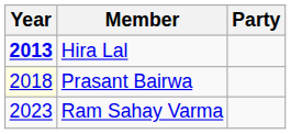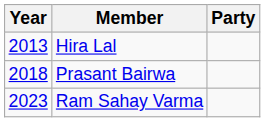 <table class="wikitable sortable">
 <tr>
 <th>Year</th>
 <th>Member</th>
 <th colspan="2">Party</th>
 </tr>
 <tr>
-<td><strong><a href='#'>2013</a></strong></td>
+<td><a href='#'>2013</a></td>
 <td><a href='#'>Hira Lal</a></td>
 <td></td>
 </tr>
 <tr>
-<td style="background: lightyellow;"><a href='#'>2018</a></td>
+<td><a href='#'>2018</a></td>
 <td><a href='#'>Prasant Bairwa</a></td>
 <td></td>
 </tr>
 <tr>
 <td><a href='#'>2023</a></td>
 <td><a href='#'>Ram Sahay Varma</a></td>
 <td></td>
 </tr>
 </table>
